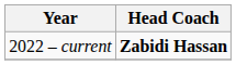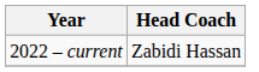 <table class="wikitable">
 <tr>
 <th>Year</th>
 <th>Head Coach</th>
 </tr>
 <tr>
 <td>2022 – <em>current</em></td>
-<td><strong> Zabidi Hassan</strong></td>
+<td> Zabidi Hassan</td>
 </tr>
 <tr>
 </tr>
 </table>
